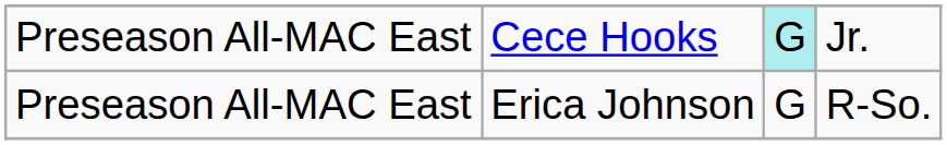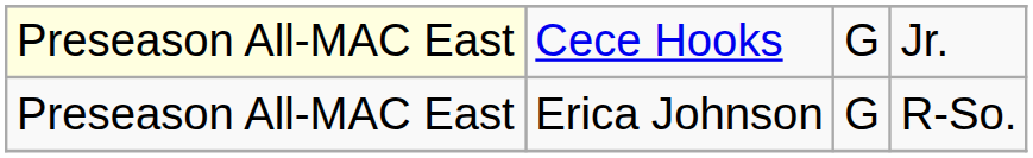 <table class="wikitable" border="1">
 <tr align=center>
 </tr>
 <tr>
-<td>Preseason All-MAC East</td>
+<td style="background: lightyellow;">Preseason All-MAC East</td>
 <td><a href='#'>Cece Hooks</a></td>
-<td style="background: paleturquoise;">G</td>
+<td>G</td>
 <td>Jr.</td>
 </tr>
 <tr>
 <td>Preseason All-MAC East</td>
 <td>Erica Johnson</td>
 <td>G</td>
 <td>R-So.</td>
 </tr>
 <tr>
 </tr>
 </table>
